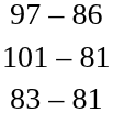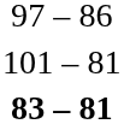 <table style="text-align:center">
 <tr>
 <th width=200></th>
 <th width=100></th>
 <th width=200></th>
 <th></th>
 </tr>
 <tr>
 <td align=right><strong></strong></td>
 <td>97 – 86</td>
 <td align=left></td>
 </tr>
 <tr>
 <td align=right><strong></strong></td>
 <td>101 – 81</td>
 <td align=left></td>
 </tr>
 <tr>
 <td align=right><strong></strong></td>
-<td>83 – 81</td>
+<td><strong>83 – 81</strong></td>
 <td align=left></td>
 </tr>
 </table>
